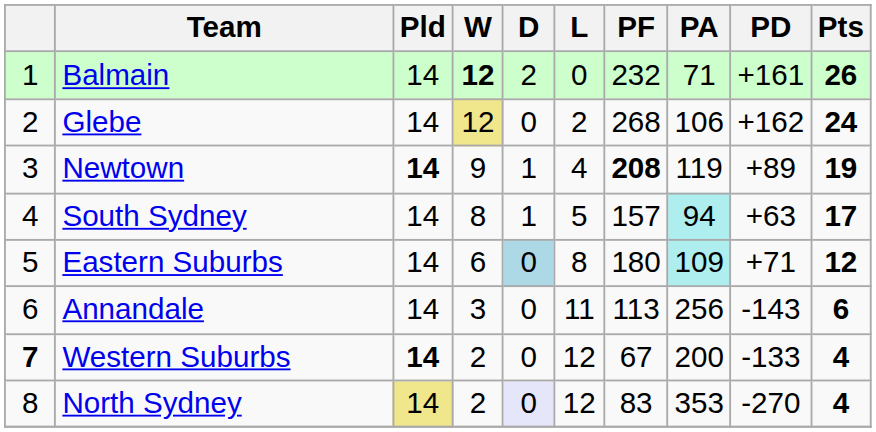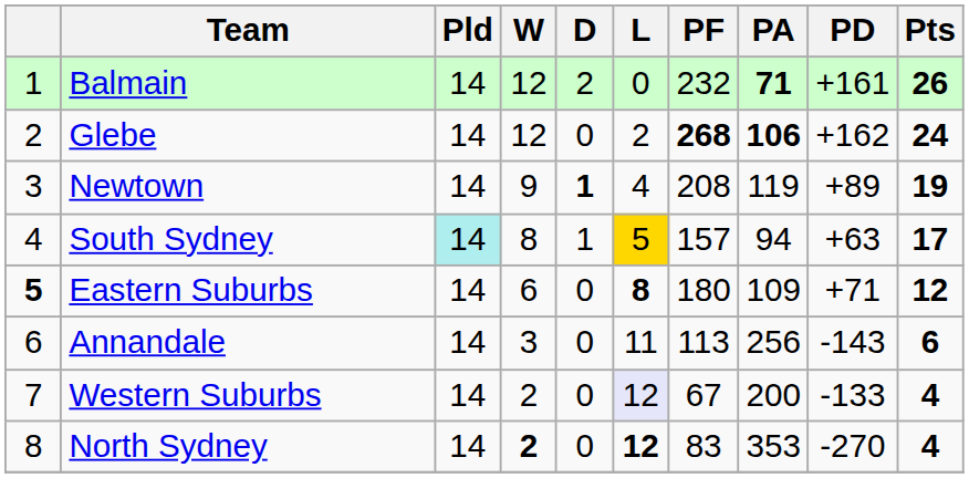 <table class="wikitable" style="text-align:center;">
 <tr>
 <th width=20 abbr="Position×"></th>
 <th width=175>Team</th>
 <th width=20 abbr="Played">Pld</th>
 <th width=20 abbr="Won">W</th>
 <th width=20 abbr="Drawn">D</th>
 <th width=20 abbr="Lost">L</th>
 <th width=20 abbr="Points for">PF</th>
 <th width=20 abbr="Points against">PA</th>
 <th width=20 abbr="Points difference">PD</th>
 <th width=20 abbr="Points">Pts</th>
 </tr>
 <tr style="background: #ccffcc;">
 <td>1</td>
 <td style="text-align:left;"> <a href='#'>Balmain</a></td>
 <td>14</td>
-<td><strong>12</strong></td>
+<td>12</td>
 <td>2</td>
 <td>0</td>
 <td>232</td>
-<td>71</td>
+<td><strong>71</strong></td>
 <td>+161</td>
 <td><strong>26</strong></td>
 </tr>
 <tr>
 <td>2</td>
 <td style="text-align:left;"> <a href='#'>Glebe</a></td>
 <td>14</td>
-<td style="background: khaki;">12</td>
+<td>12</td>
 <td>0</td>
 <td>2</td>
-<td>268</td>
-<td>106</td>
+<td><strong>268</strong></td>
+<td><strong>106</strong></td>
 <td>+162</td>
 <td><strong>24</strong></td>
 </tr>
 <tr>
 <td>3</td>
 <td style="text-align:left;"> <a href='#'>Newtown</a></td>
-<td><strong>14</strong></td>
+<td>14</td>
 <td>9</td>
-<td>1</td>
+<td><strong>1</strong></td>
 <td>4</td>
-<td><strong>208</strong></td>
+<td>208</td>
 <td>119</td>
 <td>+89</td>
 <td><strong>19</strong></td>
 </tr>
 <tr>
 <td>4</td>
 <td style="text-align:left;"> <a href='#'>South Sydney</a></td>
-<td>14</td>
+<td style="background: paleturquoise;">14</td>
 <td>8</td>
 <td>1</td>
-<td>5</td>
+<td style="background: gold;">5</td>
 <td>157</td>
-<td style="background: paleturquoise;">94</td>
+<td>94</td>
 <td>+63</td>
 <td><strong>17</strong></td>
 </tr>
 <tr>
-<td>5</td>
+<td><strong>5</strong></td>
 <td style="text-align:left;"> <a href='#'>Eastern Suburbs</a></td>
 <td>14</td>
 <td>6</td>
-<td style="background: lightblue;">0</td>
-<td>8</td>
+<td>0</td>
+<td><strong>8</strong></td>
 <td>180</td>
-<td style="background: paleturquoise;">109</td>
+<td>109</td>
 <td>+71</td>
 <td><strong>12</strong></td>
 </tr>
 <tr>
 <td>6</td>
 <td style="text-align:left;"> <a href='#'>Annandale</a></td>
 <td>14</td>
 <td>3</td>
 <td>0</td>
 <td>11</td>
 <td>113</td>
 <td>256</td>
 <td>-143</td>
 <td><strong>6</strong></td>
 </tr>
 <tr>
-<td><strong>7</strong></td>
+<td>7</td>
 <td style="text-align:left;"> <a href='#'>Western Suburbs</a></td>
-<td><strong>14</strong></td>
+<td>14</td>
 <td>2</td>
 <td>0</td>
-<td>12</td>
+<td style="background: lavender;">12</td>
 <td>67</td>
 <td>200</td>
 <td>-133</td>
 <td><strong>4</strong></td>
 </tr>
 <tr>
 <td>8</td>
 <td style="text-align:left;"> <a href='#'>North Sydney</a></td>
-<td style="background: khaki;">14</td>
-<td>2</td>
-<td style="background: lavender;">0</td>
-<td>12</td>
+<td>14</td>
+<td><strong>2</strong></td>
+<td>0</td>
+<td><strong>12</strong></td>
 <td>83</td>
 <td>353</td>
 <td>-270</td>
 <td><strong>4</strong></td>
 </tr>
 <tr>
 </tr>
 </table>
